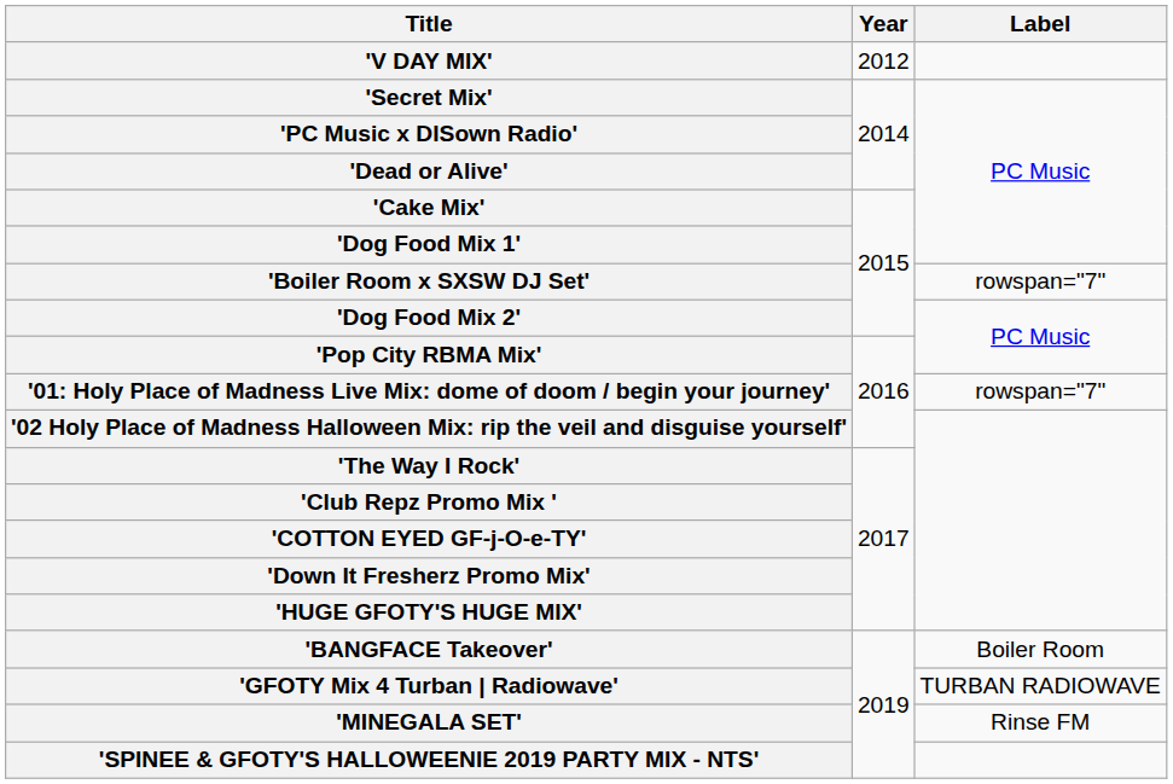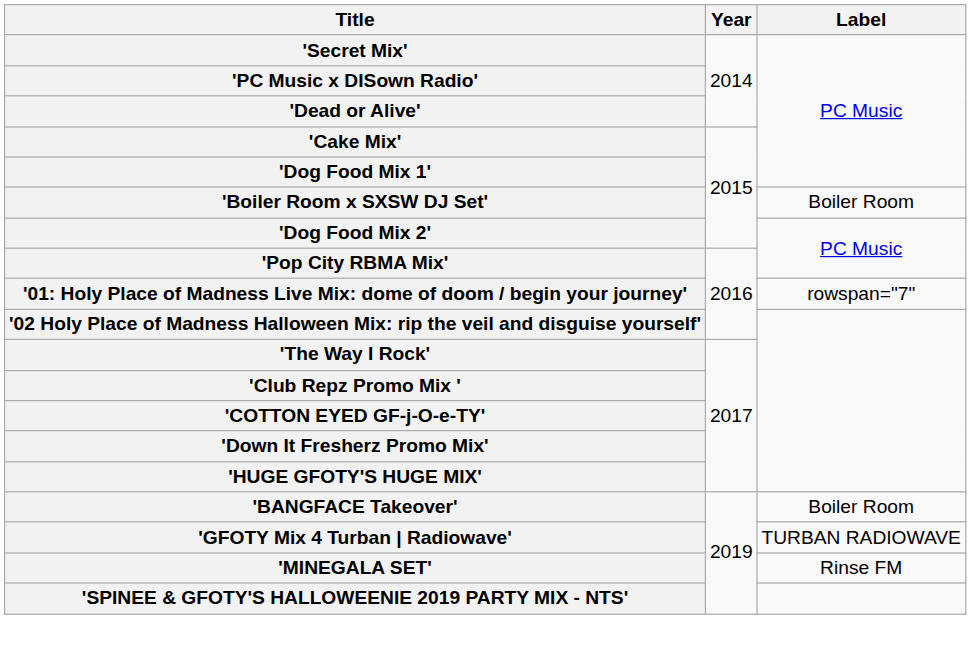 <table class="wikitable plainrowheaders" style="text-align:center">
 <tr>
 <th scope="col">Title</th>
 <th scope="col">Year</th>
 <th scope="col">Label</th>
-</tr>
-<tr>
-<th scope="row">'V DAY MIX'</th>
-<td>2012</td>
-<td></td>
 </tr>
 <tr>
 <th scope="row">'Secret Mix'</th>
 <td rowspan="3">2014</td>
 <td rowspan="5"><a href='#'>PC Music</a></td>
 </tr>
 <tr>
 <th scope="row">'PC Music x DISown Radio' </th>
 </tr>
 <tr>
 <th scope="row">'Dead or Alive' </th>
 </tr>
 <tr>
 <th scope="row">'Cake Mix'</th>
 <td rowspan="4">2015</td>
 </tr>
 <tr>
 <th scope="row">'Dog Food Mix 1' </th>
 </tr>
 <tr>
 <th scope="row">'Boiler Room x SXSW DJ Set'</th>
-<td>rowspan="7" </td>
+<td>Boiler Room</td>
 </tr>
 <tr>
 <th scope="row">'Dog Food Mix 2' </th>
 <td rowspan="2"><a href='#'>PC Music</a></td>
 </tr>
 <tr>
 <th scope="row">'Pop City RBMA Mix' </th>
 <td rowspan="3">2016</td>
 </tr>
 <tr>
 <th scope="row">'01: Holy Place of Madness Live Mix: dome of doom / begin your journey' </th>
 <td>rowspan="7" </td>
 </tr>
 <tr>
 <th scope="row">'02 Holy Place of Madness Halloween Mix: rip the veil and disguise yourself' </th>
 </tr>
 <tr>
 <th scope="row">'The Way I Rock'</th>
 <td rowspan="5">2017</td>
 </tr>
 <tr>
 <th scope="row">'Club Repz Promo Mix '</th>
 </tr>
 <tr>
 <th scope="row">'COTTON EYED GF-j-O-e-TY'</th>
 </tr>
 <tr>
 <th scope="row">'Down It Fresherz Promo Mix'</th>
 </tr>
 <tr>
 <th scope="row">'HUGE GFOTY'S HUGE MIX'</th>
 </tr>
 <tr>
 <th scope="row">'BANGFACE Takeover'</th>
 <td rowspan="4">2019</td>
 <td>Boiler Room</td>
 </tr>
 <tr>
 <th scope="row">'GFOTY Mix 4 Turban | Radiowave'</th>
 <td>TURBAN RADIOWAVE</td>
 </tr>
 <tr>
 <th scope="row">'MINEGALA SET'</th>
 <td>Rinse FM</td>
 </tr>
 <tr>
 <th scope="row">'SPINEE & GFOTY'S HALLOWEENIE 2019 PARTY MIX - NTS' </th>
 </tr>
 </table>
